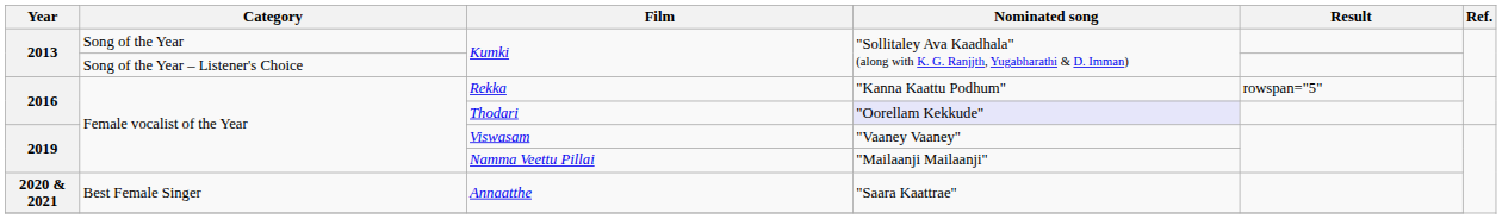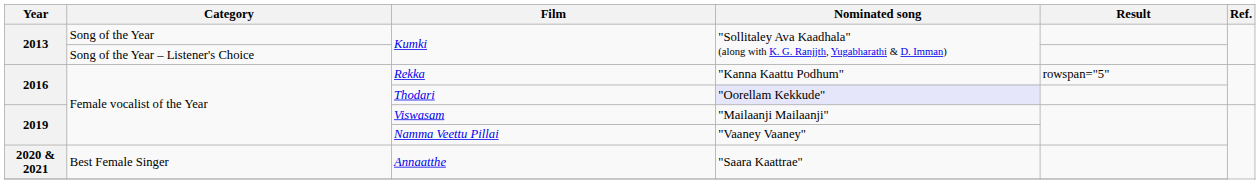 <table class="wikitable plainrowheaders" width="100%" textcolor:#000;">
 <tr>
 <th scope="col" width=5%><strong>Year</strong></th>
 <th scope="col" width=26%><strong>Category</strong></th>
 <th scope="col" width=26%><strong>Film</strong></th>
 <th scope="col" width=26%><strong>Nominated song</strong></th>
 <th scope="col" width=15%><strong>Result</strong></th>
 <th scope="col" width=2%><strong>Ref.</strong></th>
 </tr>
 <tr>
 <th scope="row" rowspan="2">2013</th>
 <td>Song of the Year</td>
 <td rowspan="2"><a href='#'><em>Kumki</em></a></td>
 <td rowspan="2">"Sollitaley Ava Kaadhala"<br><small>(along with <a href='#'>K. G. Ranjjth</a>, <a href='#'>Yugabharathi</a> & <a href='#'>D. Imman</a>)</small></td>
 <td></td>
 <td rowspan="2"><br></td>
 </tr>
 <tr>
 <td>Song of the Year – Listener's Choice</td>
 <td></td>
 </tr>
 <tr>
 <th scope="row" rowspan="2">2016</th>
 <td rowspan="4">Female vocalist of the Year</td>
 <td><em><a href='#'>Rekka</a></em></td>
 <td>"Kanna Kaattu Podhum"</td>
 <td>rowspan="5" </td>
 <td rowspan="2"></td>
 </tr>
 <tr>
 <td><em><a href='#'>Thodari</a></em></td>
 <td style="background: lavender;">"Oorellam Kekkude"</td>
 </tr>
 <tr>
 <th rowspan="2">2019</th>
 <td><em><a href='#'>Viswasam</a></em></td>
-<td>"Vaaney Vaaney"</td>
+<td>"Mailaanji Mailaanji"</td>
 <td rowspan="2"></td>
 </tr>
 <tr>
 <td><em><a href='#'>Namma Veettu Pillai</a></em></td>
-<td>"Mailaanji Mailaanji"</td>
+<td>"Vaaney Vaaney"</td>
 </tr>
 <tr>
 <th scope=row>2020 & 2021</th>
 <td>Best Female Singer</td>
 <td><em><a href='#'>Annaatthe</a></em></td>
 <td>"Saara Kaattrae"</td>
 <td></td>
 </tr>
 <tr>
 </tr>
 </table>
